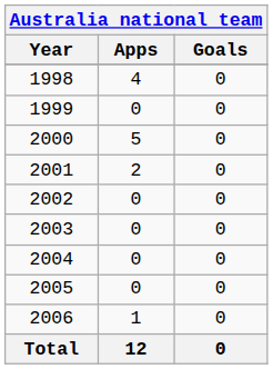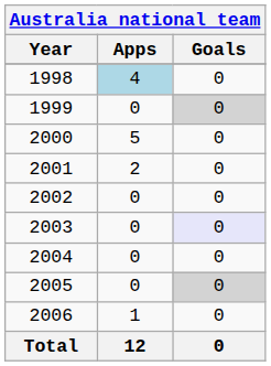 <table class="wikitable" style="text-align:center">
 <tr>
 <th colspan=3><a href='#'>Australia national team</a></th>
 </tr>
 <tr>
 <th>Year</th>
 <th>Apps</th>
 <th>Goals</th>
 </tr>
 <tr>
 </tr>
 <tr>
 <td>1998</td>
-<td>4</td>
+<td style="background: lightblue;">4</td>
 <td>0</td>
 </tr>
 <tr>
 <td>1999</td>
 <td>0</td>
-<td>0</td>
+<td style="background: lightgrey;">0</td>
 </tr>
 <tr>
 <td>2000</td>
 <td>5</td>
 <td>0</td>
 </tr>
 <tr>
 <td>2001</td>
 <td>2</td>
 <td>0</td>
 </tr>
 <tr>
 <td>2002</td>
 <td>0</td>
 <td>0</td>
 </tr>
 <tr>
 <td>2003</td>
 <td>0</td>
-<td>0</td>
+<td style="background: lavender;">0</td>
 </tr>
 <tr>
 <td>2004</td>
 <td>0</td>
 <td>0</td>
 </tr>
 <tr>
 <td>2005</td>
 <td>0</td>
-<td>0</td>
+<td style="background: lightgrey;">0</td>
 </tr>
 <tr>
 <td>2006</td>
 <td>1</td>
 <td>0</td>
 </tr>
 <tr>
 <th>Total</th>
 <th>12</th>
 <th>0</th>
 </tr>
 </table>
